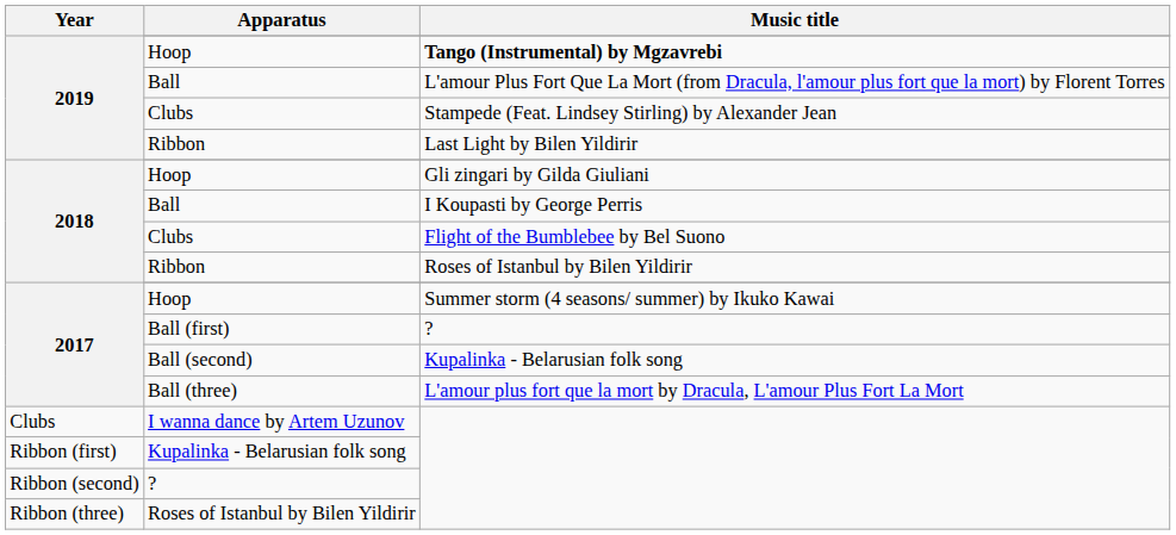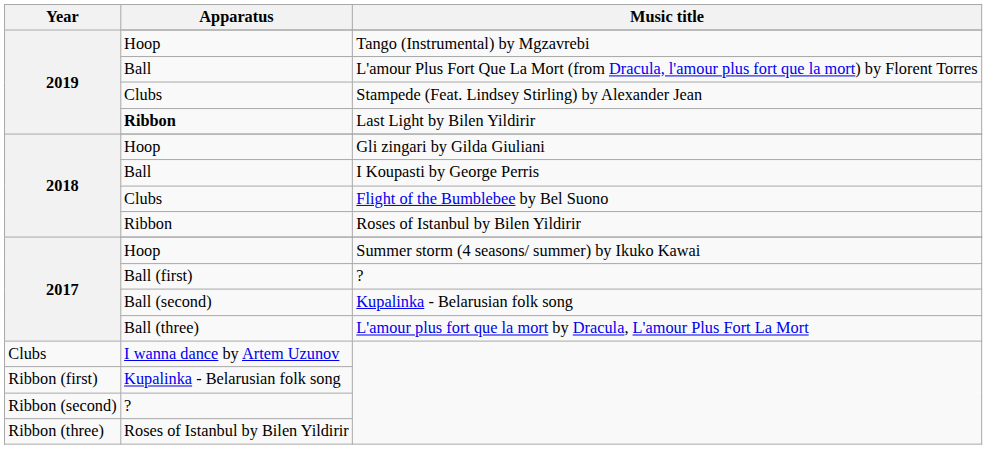 <table class="wikitable plainrowheaders">
 <tr>
 <th scope=col>Year</th>
 <th scope=col>Apparatus</th>
 <th scope=col>Music title</th>
 </tr>
 <tr>
 <th scope=row rowspan=5>2019</th>
 </tr>
 <tr>
 <td>Hoop</td>
-<td><strong>Tango (Instrumental) by Mgzavrebi</strong></td>
+<td>Tango (Instrumental) by Mgzavrebi</td>
 </tr>
 <tr>
 <td>Ball</td>
 <td>L'amour Plus Fort Que La Mort (from <a href='#'>Dracula, l'amour plus fort que la mort</a>) by Florent Torres</td>
 </tr>
 <tr>
 <td>Clubs</td>
 <td>Stampede (Feat. Lindsey Stirling) by Alexander Jean</td>
 </tr>
 <tr>
-<td>Ribbon</td>
+<td><strong>Ribbon</strong></td>
 <td>Last Light by Bilen Yildirir</td>
 </tr>
 <tr>
 <th scope=row rowspan=5>2018</th>
 </tr>
 <tr>
 <td>Hoop</td>
 <td>Gli zingari by Gilda Giuliani</td>
 </tr>
 <tr>
 <td>Ball</td>
 <td>I Koupasti by George Perris</td>
 </tr>
 <tr>
 <td>Clubs</td>
 <td><a href='#'>Flight of the Bumblebee</a> by Bel Suono</td>
 </tr>
 <tr>
 <td>Ribbon</td>
 <td>Roses of Istanbul by Bilen Yildirir</td>
 </tr>
 <tr>
 <th scope=row rowspan=5>2017</th>
 </tr>
 <tr>
 <td>Hoop</td>
 <td>Summer storm (4 seasons/ summer) by Ikuko Kawai</td>
 </tr>
 <tr>
 <td>Ball (first)</td>
 <td>?</td>
 </tr>
 <tr>
 <td>Ball (second)</td>
 <td><a href='#'>Kupalinka</a> - Belarusian folk song</td>
 </tr>
 <tr>
 <td>Ball (three)</td>
 <td><a href='#'>L'amour plus fort que la mort</a> by <a href='#'>Dracula</a>, <a href='#'>L'amour Plus Fort La Mort</a></td>
 </tr>
 <tr>
 <td>Clubs</td>
 <td><a href='#'>I wanna dance</a> by <a href='#'>Artem Uzunov</a></td>
 </tr>
 <tr>
 <td>Ribbon (first)</td>
 <td><a href='#'>Kupalinka</a> - Belarusian folk song</td>
 </tr>
 <tr>
 <td>Ribbon (second)</td>
 <td>?</td>
 </tr>
 <tr>
 <td>Ribbon (three)</td>
 <td>Roses of Istanbul by Bilen Yildirir</td>
 </tr>
 </table>
